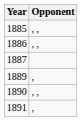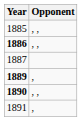 <table class="wikitable">
 <tr>
 <th>Year</th>
 <th>Opponent</th>
 </tr>
 <tr>
 <td>1885</td>
 <td>, , </td>
 </tr>
 <tr>
-<td>1886</td>
+<td><strong>1886</strong></td>
 <td>, , </td>
 </tr>
 <tr>
 <td>1887</td>
 <td></td>
 </tr>
 <tr>
-<td>1889</td>
+<td><strong>1889</strong></td>
 <td>, </td>
 </tr>
 <tr>
-<td>1890</td>
+<td><strong>1890</strong></td>
 <td>, , </td>
 </tr>
 <tr>
 <td>1891</td>
 <td>, </td>
 </tr>
 </table>
